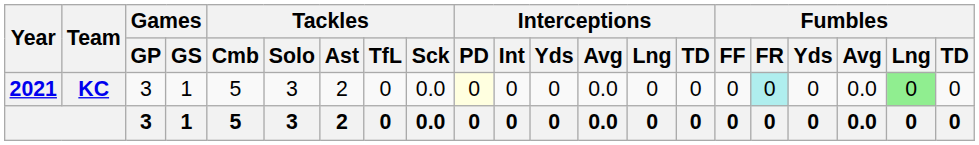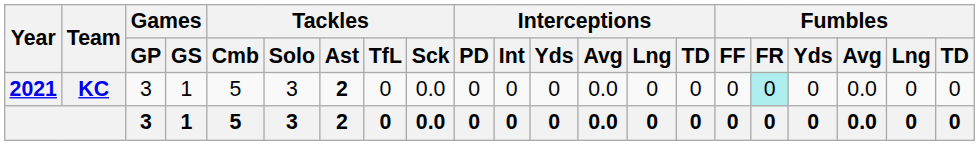 <table class="wikitable" style="text-align:center;">
 <tr>
 <th rowspan="2">Year</th>
 <th rowspan="2">Team</th>
 <th colspan="2">Games</th>
 <th colspan="5">Tackles</th>
 <th colspan="6">Interceptions</th>
 <th colspan="6">Fumbles</th>
 </tr>
 <tr>
 <th>GP</th>
 <th>GS</th>
 <th>Cmb</th>
 <th>Solo</th>
 <th>Ast</th>
 <th>TfL</th>
 <th>Sck</th>
 <th>PD</th>
 <th>Int</th>
 <th>Yds</th>
 <th>Avg</th>
 <th>Lng</th>
 <th>TD</th>
 <th>FF</th>
 <th>FR</th>
 <th>Yds</th>
 <th>Avg</th>
 <th>Lng</th>
 <th>TD</th>
 </tr>
 <tr>
 <th><a href='#'>2021</a></th>
 <th><a href='#'>KC</a></th>
 <td>3</td>
 <td>1</td>
 <td>5</td>
 <td>3</td>
-<td>2</td>
+<td><strong>2</strong></td>
 <td>0</td>
 <td>0.0</td>
-<td style="background: lightyellow;">0</td>
+<td>0</td>
 <td>0</td>
 <td>0</td>
 <td>0.0</td>
 <td>0</td>
 <td>0</td>
 <td>0</td>
 <td style="background: paleturquoise;">0</td>
 <td>0</td>
 <td>0.0</td>
-<td style="background: lightgreen;">0</td>
+<td>0</td>
 <td>0</td>
 </tr>
 <tr>
 <th colspan="2"></th>
 <th>3</th>
 <th>1</th>
 <th>5</th>
 <th>3</th>
 <th>2</th>
 <th>0</th>
 <th>0.0</th>
 <th>0</th>
 <th>0</th>
 <th>0</th>
 <th>0.0</th>
 <th>0</th>
 <th>0</th>
 <th>0</th>
 <th>0</th>
 <th>0</th>
 <th>0.0</th>
 <th>0</th>
 <th>0</th>
 </tr>
 </table>
